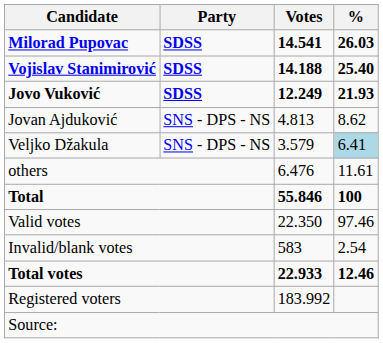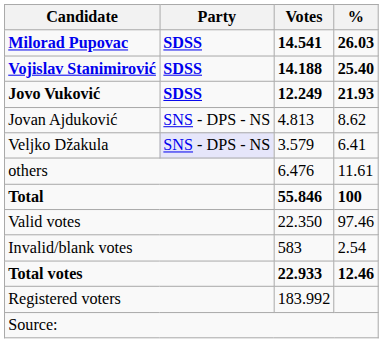 <table class="wikitable" style="text-align: left;">
 <tr>
 <th>Candidate</th>
 <th>Party</th>
 <th>Votes</th>
 <th>%</th>
 </tr>
 <tr>
 <td><strong><a href='#'>Milorad Pupovac</a></strong></td>
 <td><a href='#'><strong>SDSS</strong></a></td>
 <td><strong>14.541</strong></td>
 <td><strong>26.03</strong></td>
 </tr>
 <tr>
 <td><a href='#'><strong>Vojislav Stanimirović</strong></a></td>
 <td><a href='#'><strong>SDSS</strong></a></td>
 <td><strong>14.188</strong></td>
 <td><strong>25.40</strong></td>
 </tr>
 <tr>
 <td><strong>Jovo Vuković</strong></td>
 <td><a href='#'><strong>SDSS</strong></a></td>
 <td><strong>12.249</strong></td>
 <td><strong>21.93</strong></td>
 </tr>
 <tr>
 <td>Jovan Ajduković</td>
 <td><a href='#'>SNS</a> - DPS - NS</td>
 <td>4.813</td>
 <td>8.62</td>
 </tr>
 <tr>
 <td>Veljko Džakula</td>
-<td><a href='#'>SNS</a> - DPS - NS</td>
+<td style="background: lavender;"><a href='#'>SNS</a> - DPS - NS</td>
 <td>3.579</td>
-<td style="background: lightblue;">6.41</td>
+<td>6.41</td>
 </tr>
 <tr>
 <td colspan="2">others</td>
 <td>6.476</td>
 <td>11.61</td>
 </tr>
 <tr>
 <td colspan="2"><strong>Total</strong></td>
 <td><strong>55.846</strong></td>
 <td><strong>100</strong></td>
 </tr>
 <tr>
 <td colspan="2">Valid votes</td>
 <td>22.350</td>
 <td>97.46</td>
 </tr>
 <tr>
 <td colspan="2">Invalid/blank votes</td>
 <td>583</td>
 <td>2.54</td>
 </tr>
 <tr>
 <td colspan="2"><strong>Total votes</strong></td>
 <td><strong>22.933</strong></td>
 <td><strong>12.46</strong></td>
 </tr>
 <tr>
 <td colspan="2">Registered voters</td>
 <td>183.992</td>
 <td></td>
 </tr>
 <tr>
 <td colspan="4">Source: </td>
 </tr>
 </table>
